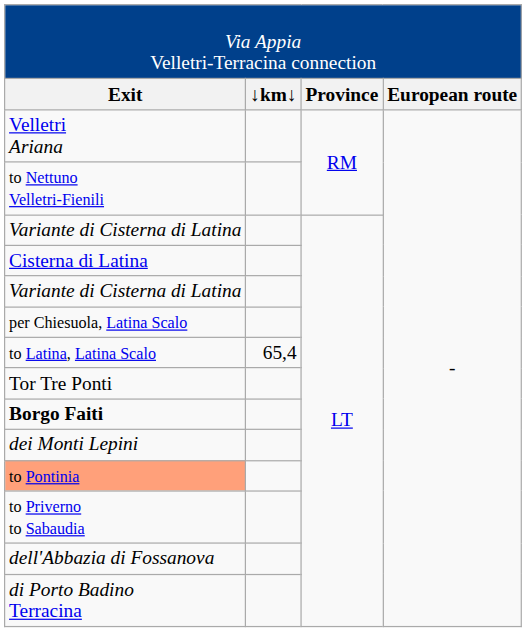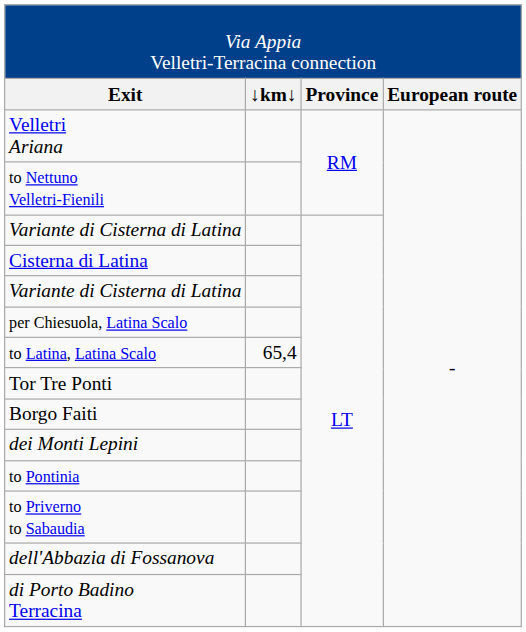 <table class="wikitable">
 <tr align="center" bgcolor="00408B" style="color: white;font-size:100%;">
 <td colspan="5"><br><em>Via Appia</em><br>Velletri-Terracina connection</td>
 </tr>
 <tr>
 <th>Exit</th>
 <th>↓km↓</th>
 <th>Province</th>
 <th>European route</th>
 </tr>
 <tr>
 <td> <a href='#'>Velletri</a> <br>  <em>Ariana</em></td>
 <td align="right"></td>
 <td rowspan="2" align="center"><a href='#'>RM</a></td>
 <td rowspan="14" align="center">-</td>
 </tr>
 <tr>
 <td>   <small>to <a href='#'>Nettuno</a><br> <a href='#'>Velletri-Fienili</a></small></td>
 <td align="right"></td>
 </tr>
 <tr>
 <td>   <em>Variante di Cisterna di Latina</em></td>
 <td align="right"></td>
 <td rowspan="12" align="center"><a href='#'>LT</a></td>
 </tr>
 <tr>
 <td> <a href='#'>Cisterna di Latina</a></td>
 <td align="right"></td>
 </tr>
 <tr>
 <td>   <em>Variante di Cisterna di Latina</em></td>
 <td align="right"></td>
 </tr>
 <tr>
 <td>  <small>per Chiesuola, <a href='#'>Latina Scalo</a></small></td>
 <td align="right"></td>
 </tr>
 <tr>
 <td> <small>to <a href='#'>Latina</a>, <a href='#'>Latina Scalo</a></small></td>
 <td align="right">65,4</td>
 </tr>
 <tr>
 <td> Tor Tre Ponti</td>
 <td align="right"></td>
 </tr>
 <tr>
-<td><strong>  Borgo Faiti</strong></td>
+<td>  Borgo Faiti</td>
 <td align="right"></td>
 </tr>
 <tr>
 <td>   <em>dei Monti Lepini</em></td>
 <td align="right"></td>
 </tr>
 <tr>
-<td style="background: lightsalmon;"> <small>to <a href='#'>Pontinia</a></small></td>
+<td> <small>to <a href='#'>Pontinia</a></small></td>
 <td align="right"></td>
 </tr>
 <tr>
 <td>  <small>to <a href='#'>Priverno</a></small> <br>  <small>to <a href='#'>Sabaudia</a></small></td>
 <td align="right"></td>
 </tr>
 <tr>
 <td>  <em>dell'Abbazia di Fossanova</em></td>
 <td align="right"></td>
 </tr>
 <tr>
 <td>  <em>di Porto Badino</em> <br>  <a href='#'>Terracina</a></td>
 <td align="right"></td>
 </tr>
 </table>
